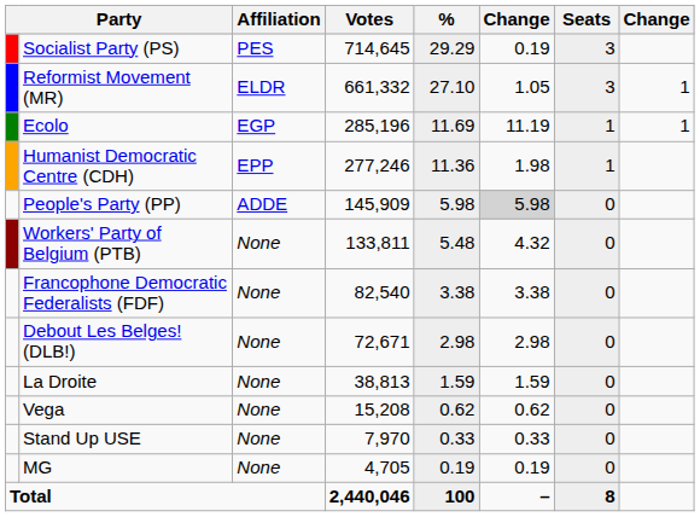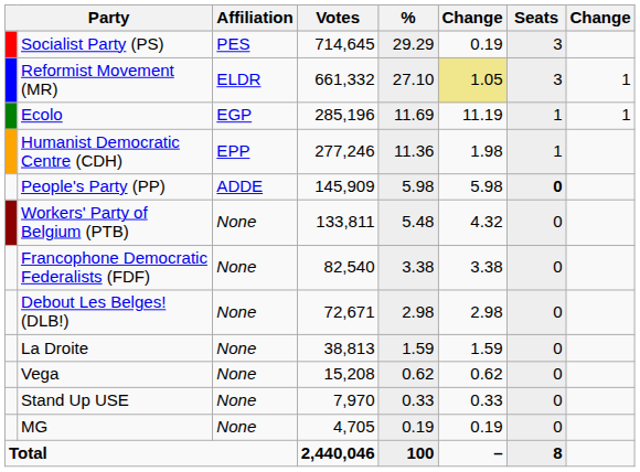 <table class="wikitable" border="1">
 <tr style="background-color:#C9C9C9">
 <th align=left colspan=2 valign=top width=300>Party</th>
 <th align=left width=50>Affiliation</th>
 <th align=right width=50>Votes</th>
 <th align=right width=50>%</th>
 <th align=right width=50>Change</th>
 <th align=right width=50>Seats</th>
 <th align=right width=50>Change</th>
 </tr>
 <tr>
 <td bgcolor="red"> </td>
 <td align=left><a href='#'>Socialist Party</a> (PS)</td>
 <td align=left><a href='#'>PES</a></td>
 <td align=right>714,645</td>
 <td align=right style="background-color:#EEEEEE">29.29</td>
 <td align=right> 0.19</td>
 <td align=right style="background-color:#EEEEEE">3</td>
 <td align=right></td>
 </tr>
 <tr>
 <td bgcolor="blue"> </td>
 <td align=left><a href='#'>Reformist Movement</a> (MR)</td>
 <td align=left><a href='#'>ELDR</a></td>
 <td align=right>661,332</td>
 <td align=right style="background-color:#EEEEEE">27.10</td>
-<td align=right> 1.05</td>
+<td align=right style="background: khaki;"> 1.05</td>
 <td align=right style="background-color:#EEEEEE">3</td>
 <td align=right> 1</td>
 </tr>
 <tr>
 <td bgcolor="green"> </td>
 <td align=left><a href='#'>Ecolo</a></td>
 <td align=left><a href='#'>EGP</a></td>
 <td align=right>285,196</td>
 <td align=right style="background-color:#EEEEEE">11.69</td>
 <td align=right> 11.19</td>
 <td align=right style="background-color:#EEEEEE">1</td>
 <td align=right> 1</td>
 </tr>
 <tr>
 <td bgcolor="orange"> </td>
 <td align=left><a href='#'>Humanist Democratic Centre</a> (CDH)</td>
 <td align=left><a href='#'>EPP</a></td>
 <td align=right>277,246</td>
 <td align=right style="background-color:#EEEEEE">11.36</td>
 <td align=right> 1.98</td>
 <td align=right style="background-color:#EEEEEE">1</td>
 <td align=right></td>
 </tr>
 <tr>
 <td> </td>
 <td align=left><a href='#'>People's Party</a> (PP)</td>
 <td align=left><a href='#'>ADDE</a></td>
 <td align=right>145,909</td>
 <td align=right style="background-color:#EEEEEE">5.98</td>
-<td align=right style="background: lightgrey;"> 5.98</td>
-<td align=right style="background-color:#EEEEEE">0</td>
+<td align=right> 5.98</td>
+<td align=right style="background-color:#EEEEEE"><strong>0</strong></td>
 <td align=right></td>
 </tr>
 <tr>
 <td bgcolor="darkred"> </td>
 <td align=left><a href='#'>Workers' Party of Belgium</a> (PTB)</td>
 <td align=left><em>None</em></td>
 <td align=right>133,811</td>
 <td align=right style="background-color:#EEEEEE">5.48</td>
 <td align=right> 4.32</td>
 <td align=right style="background-color:#EEEEEE">0</td>
 <td align=right></td>
 </tr>
 <tr>
 <td> </td>
 <td align=left><a href='#'>Francophone Democratic Federalists</a> (FDF)</td>
 <td align=left><em>None</em></td>
 <td align=right>82,540</td>
 <td align=right style="background-color:#EEEEEE">3.38</td>
 <td align=right> 3.38</td>
 <td align=right style="background-color:#EEEEEE">0</td>
 <td align=right></td>
 </tr>
 <tr>
 <td> </td>
 <td align=left><a href='#'>Debout Les Belges!</a> (DLB!)</td>
 <td align=left><em>None</em></td>
 <td align=right>72,671</td>
 <td align=right style="background-color:#EEEEEE">2.98</td>
 <td align=right> 2.98</td>
 <td align=right style="background-color:#EEEEEE">0</td>
 <td align=right></td>
 </tr>
 <tr>
 <td> </td>
 <td align=left>La Droite</td>
 <td align=left><em>None</em></td>
 <td align=right>38,813</td>
 <td align=right style="background-color:#EEEEEE">1.59</td>
 <td align=right> 1.59</td>
 <td align=right style="background-color:#EEEEEE">0</td>
 <td align=right></td>
 </tr>
 <tr>
 <td> </td>
 <td align=left>Vega</td>
 <td align=left><em>None</em></td>
 <td align=right>15,208</td>
 <td align=right style="background-color:#EEEEEE">0.62</td>
 <td align=right> 0.62</td>
 <td align=right style="background-color:#EEEEEE">0</td>
 <td align=right></td>
 </tr>
 <tr>
 <td> </td>
 <td align=left>Stand Up USE</td>
 <td align=left><em>None</em></td>
 <td align=right>7,970</td>
 <td align=right style="background-color:#EEEEEE">0.33</td>
 <td align=right> 0.33</td>
 <td align=right style="background-color:#EEEEEE">0</td>
 <td align=right></td>
 </tr>
 <tr>
 <td> </td>
 <td align=left>MG</td>
 <td align=left><em>None</em></td>
 <td align=right>4,705</td>
 <td align=right style="background-color:#EEEEEE">0.19</td>
 <td align=right> 0.19</td>
 <td align=right style="background-color:#EEEEEE">0</td>
 <td align=right></td>
 </tr>
 <tr>
 <td align=left colspan=3><strong>Total</strong></td>
 <td align=right><strong>2,440,046</strong></td>
 <td align=right style="background-color:#EEEEEE"><strong>100</strong></td>
 <td align=right><strong>–</strong></td>
 <td align=right style="background-color:#EEEEEE"><strong>8</strong></td>
 <td align=right><strong></strong></td>
 </tr>
 </table>
